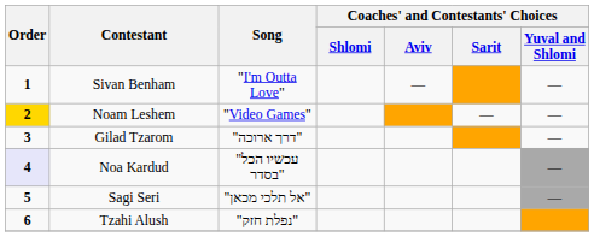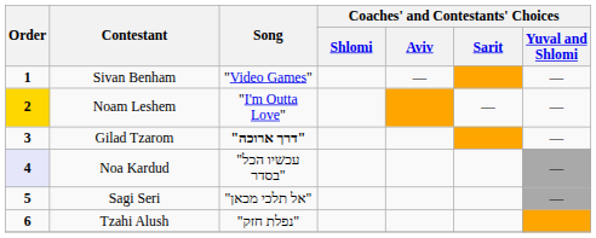 <table class="wikitable" style="text-align: center; width:75%;">
 <tr>
 <th rowspan=2 width="05%">Order</th>
 <th rowspan=2 width="29%">Contestant</th>
 <th rowspan=2>Song</th>
 <th colspan=4>Coaches' and Contestants' Choices</th>
 </tr>
 <tr>
 <th style="width:70px;"><a href='#'>Shlomi</a></th>
 <th style="width:70px;"><a href='#'>Aviv</a></th>
 <th style="width:70px;"><a href='#'>Sarit</a></th>
 <th style="width:70px;"><a href='#'>Yuval and Shlomi</a></th>
 </tr>
 <tr>
 <td align="center"><strong>1</strong></td>
 <td>Sivan Benham</td>
-<td>"<a href='#'>I'm Outta Love</a>"</td>
+<td>"<a href='#'>Video Games</a>"</td>
 <td></td>
 <td align="center">—</td>
 <td style="background:orange;text-align:center;"></td>
 <td align="center">—</td>
 </tr>
 <tr>
 <td align="center" style="background: gold;"><strong>2</strong></td>
 <td>Noam Leshem</td>
-<td>"<a href='#'>Video Games</a>"</td>
+<td>"<a href='#'>I'm Outta Love</a>"</td>
 <td></td>
 <td style="background:orange;text-align:center;"></td>
 <td align="center">—</td>
 <td align="center">—</td>
 </tr>
 <tr>
 <td align="center"><strong>3</strong></td>
 <td>Gilad Tzarom</td>
-<td>"דרך ארוכה"</td>
+<td><strong>"דרך ארוכה"</strong></td>
 <td></td>
 <td></td>
 <td style="background:orange;text-align:center;"></td>
 <td align="center">—</td>
 </tr>
 <tr>
 <td align="center" style="background: lavender;"><strong>4</strong></td>
 <td>Noa Kardud</td>
 <td>"עכשיו הכל בסדר"</td>
 <td></td>
 <td></td>
 <td></td>
 <td style="background:darkgrey;text-align:center;">—</td>
 </tr>
 <tr>
 <td align="center"><strong>5</strong></td>
 <td>Sagi Seri</td>
 <td>"אל תלכי מכאן"</td>
 <td></td>
 <td></td>
 <td></td>
 <td style="background:darkgrey;text-align:center;">—</td>
 </tr>
 <tr>
 <td align="center"><strong>6</strong></td>
 <td>Tzahi Alush</td>
 <td>"נפלת חזק"</td>
 <td></td>
 <td></td>
 <td></td>
 <td style="background:orange;text-align:center;"></td>
 </tr>
 <tr>
 </tr>
 </table>
